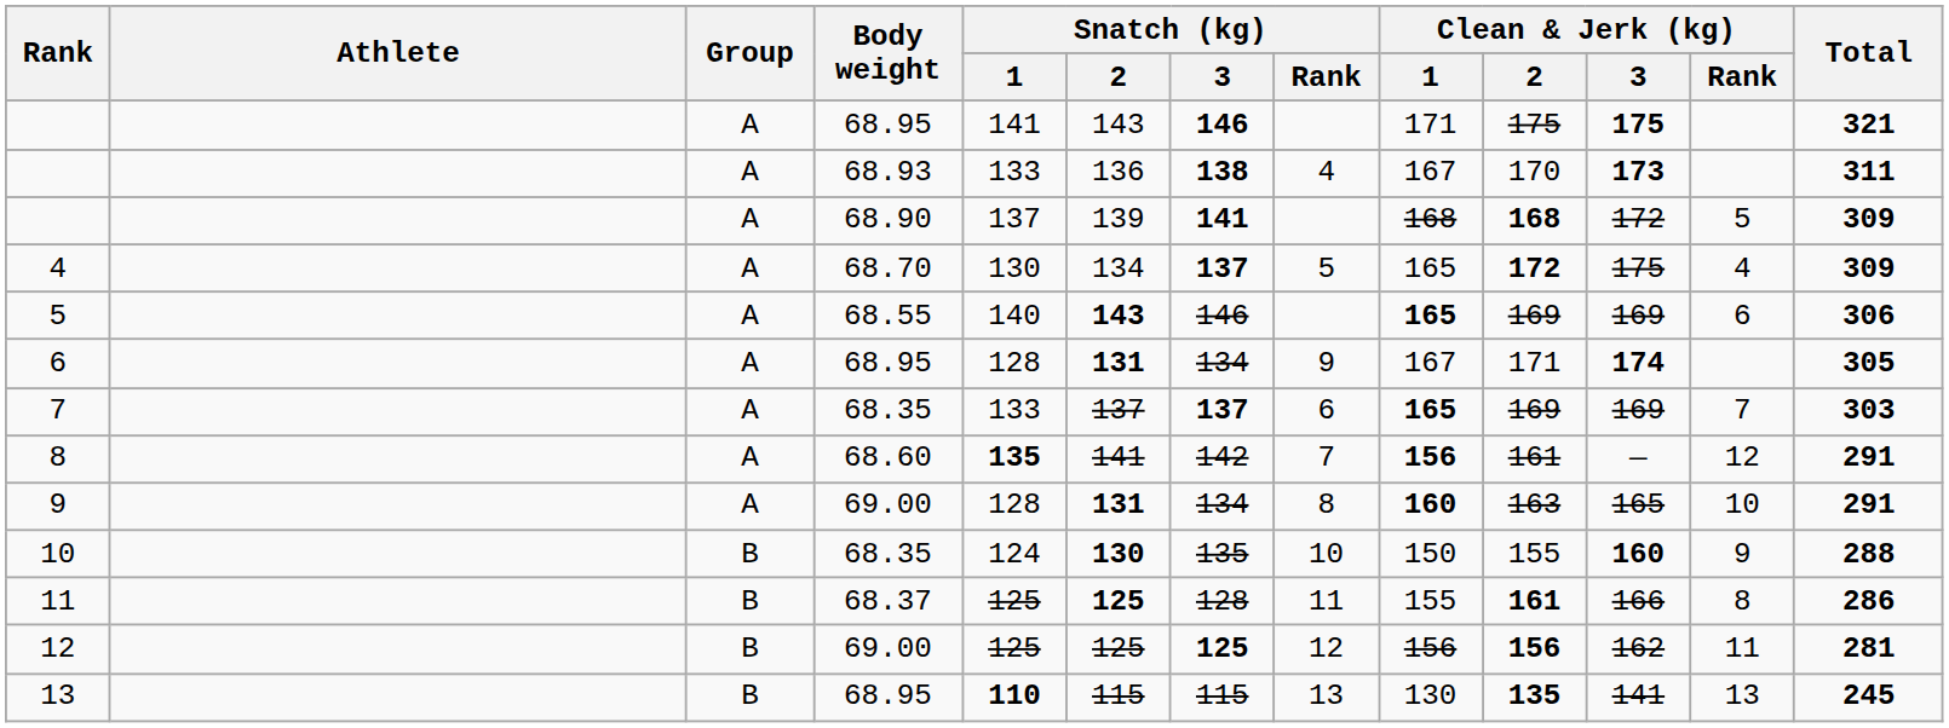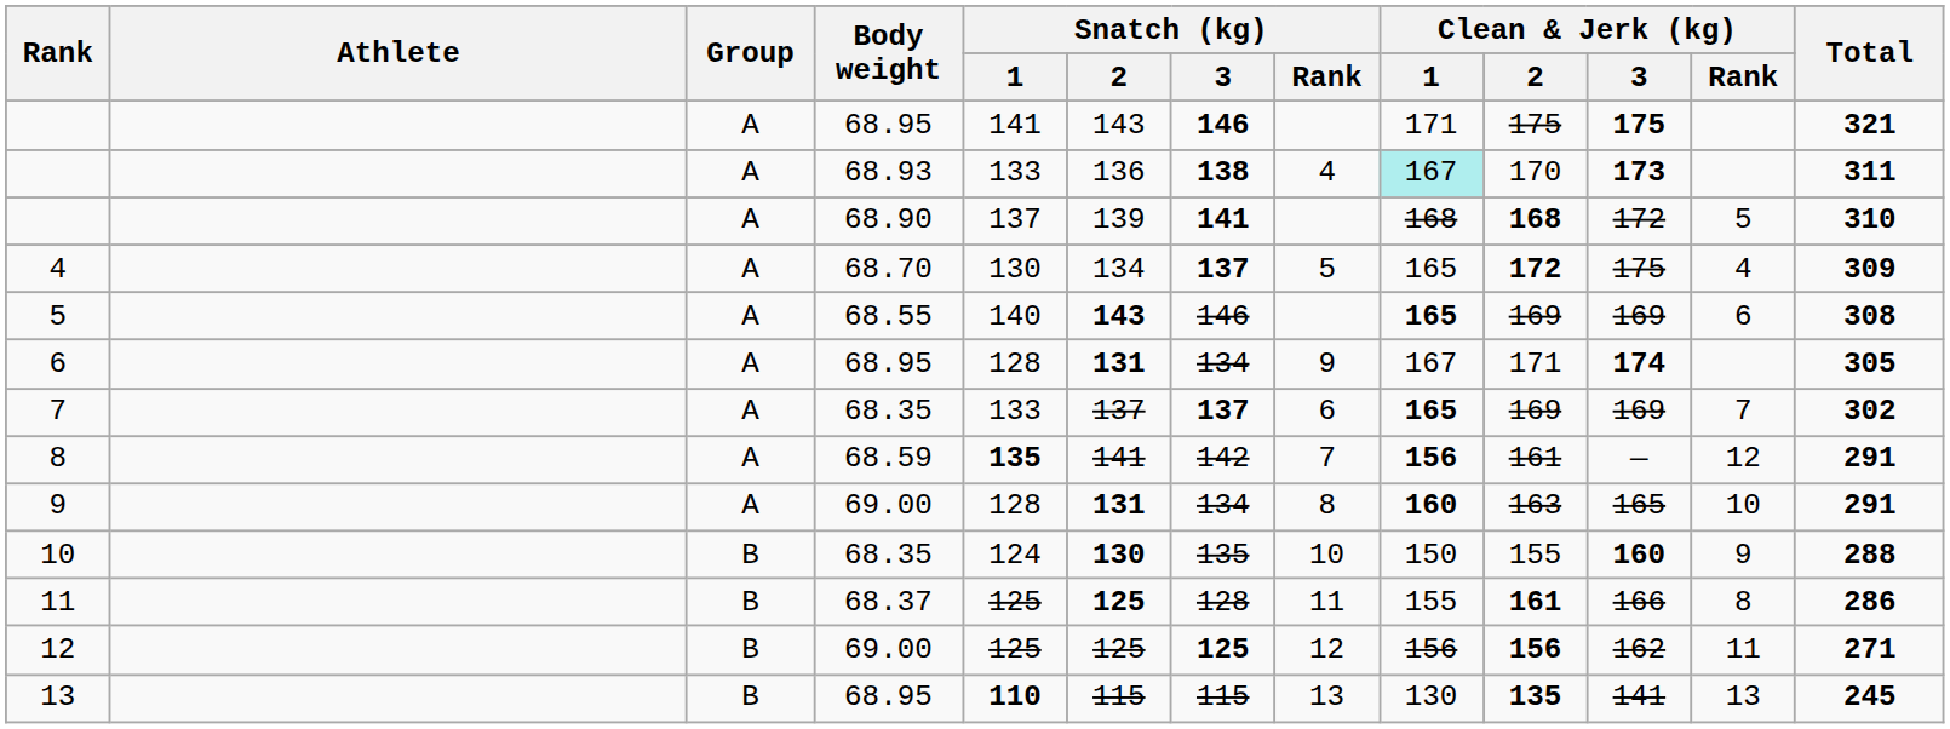 <table class = "wikitable" style="text-align:center;">
 <tr>
 <th rowspan=2 width=40>Rank</th>
 <th rowspan=2 width=250>Athlete</th>
 <th rowspan=2 width=50>Group</th>
 <th rowspan=2 width=60>Body weight</th>
 <th colspan=4>Snatch (kg)</th>
 <th colspan=4>Clean & Jerk (kg)</th>
 <th rowspan=2 width=60>Total</th>
 </tr>
 <tr>
 <th width=40>1</th>
 <th width=40>2</th>
 <th width=40>3</th>
 <th width=40>Rank</th>
 <th width=40>1</th>
 <th width=40>2</th>
 <th width=40>3</th>
 <th width=40>Rank</th>
 </tr>
 <tr>
 <td></td>
 <td align=left></td>
 <td>A</td>
 <td>68.95</td>
 <td>141</td>
 <td>143</td>
 <td><strong>146</strong></td>
 <td></td>
 <td>171</td>
 <td><s>175</s></td>
 <td><strong>175</strong></td>
 <td></td>
 <td><strong>321</strong></td>
 </tr>
 <tr>
 <td></td>
 <td align=left></td>
 <td>A</td>
 <td>68.93</td>
 <td>133</td>
 <td>136</td>
 <td><strong>138</strong></td>
 <td>4</td>
-<td>167</td>
+<td style="background: paleturquoise;">167</td>
 <td>170</td>
 <td><strong>173</strong></td>
 <td></td>
 <td><strong>311</strong></td>
 </tr>
 <tr>
 <td></td>
 <td align=left></td>
 <td>A</td>
 <td>68.90</td>
 <td>137</td>
 <td>139</td>
 <td><strong>141</strong></td>
 <td></td>
 <td><s>168</s></td>
 <td><strong>168</strong></td>
 <td><s>172</s></td>
 <td>5</td>
-<td><strong>309</strong></td>
+<td><strong>310</strong></td>
 </tr>
 <tr>
 <td>4</td>
 <td align=left></td>
 <td>A</td>
 <td>68.70</td>
 <td>130</td>
 <td>134</td>
 <td><strong>137</strong></td>
 <td>5</td>
 <td>165</td>
 <td><strong>172</strong></td>
 <td><s>175</s></td>
 <td>4</td>
 <td><strong>309</strong></td>
 </tr>
 <tr>
 <td>5</td>
 <td align=left></td>
 <td>A</td>
 <td>68.55</td>
 <td>140</td>
 <td><strong>143</strong></td>
 <td><s>146</s></td>
 <td></td>
 <td><strong>165</strong></td>
 <td><s>169</s></td>
 <td><s>169</s></td>
 <td>6</td>
-<td><strong>306</strong></td>
+<td><strong>308</strong></td>
 </tr>
 <tr>
 <td>6</td>
 <td align=left></td>
 <td>A</td>
 <td>68.95</td>
 <td>128</td>
 <td><strong>131</strong></td>
 <td><s>134</s></td>
 <td>9</td>
 <td>167</td>
 <td>171</td>
 <td><strong>174</strong></td>
 <td></td>
 <td><strong>305</strong></td>
 </tr>
 <tr>
 <td>7</td>
 <td align=left></td>
 <td>A</td>
 <td>68.35</td>
 <td>133</td>
 <td><s>137</s></td>
 <td><strong>137</strong></td>
 <td>6</td>
 <td><strong>165</strong></td>
 <td><s>169</s></td>
 <td><s>169</s></td>
 <td>7</td>
-<td><strong>303</strong></td>
+<td><strong>302</strong></td>
 </tr>
 <tr>
 <td>8</td>
 <td align=left></td>
 <td>A</td>
-<td>68.60</td>
+<td>68.59</td>
 <td><strong>135</strong></td>
 <td><s>141</s></td>
 <td><s>142</s></td>
 <td>7</td>
 <td><strong>156</strong></td>
 <td><s>161</s></td>
 <td>—</td>
 <td>12</td>
 <td><strong>291</strong></td>
 </tr>
 <tr>
 <td>9</td>
 <td align=left></td>
 <td>A</td>
 <td>69.00</td>
 <td>128</td>
 <td><strong>131</strong></td>
 <td><s>134</s></td>
 <td>8</td>
 <td><strong>160</strong></td>
 <td><s>163</s></td>
 <td><s>165</s></td>
 <td>10</td>
 <td><strong>291</strong></td>
 </tr>
 <tr>
 <td>10</td>
 <td align=left></td>
 <td>B</td>
 <td>68.35</td>
 <td>124</td>
 <td><strong>130</strong></td>
 <td><s>135</s></td>
 <td>10</td>
 <td>150</td>
 <td>155</td>
 <td><strong>160</strong></td>
 <td>9</td>
 <td><strong>288</strong></td>
 </tr>
 <tr>
 <td>11</td>
 <td align=left></td>
 <td>B</td>
 <td>68.37</td>
 <td><s>125</s></td>
 <td><strong>125</strong></td>
 <td><s>128</s></td>
 <td>11</td>
 <td>155</td>
 <td><strong>161</strong></td>
 <td><s>166</s></td>
 <td>8</td>
 <td><strong>286</strong></td>
 </tr>
 <tr>
 <td>12</td>
 <td align=left></td>
 <td>B</td>
 <td>69.00</td>
 <td><s>125</s></td>
 <td><s>125</s></td>
 <td><strong>125</strong></td>
 <td>12</td>
 <td><s>156</s></td>
 <td><strong>156</strong></td>
 <td><s>162</s></td>
 <td>11</td>
-<td><strong>281</strong></td>
+<td><strong>271</strong></td>
 </tr>
 <tr>
 <td>13</td>
 <td align=left></td>
 <td>B</td>
 <td>68.95</td>
 <td><strong>110</strong></td>
 <td><s>115</s></td>
 <td><s>115</s></td>
 <td>13</td>
 <td>130</td>
 <td><strong>135</strong></td>
 <td><s>141</s></td>
 <td>13</td>
 <td><strong>245</strong></td>
 </tr>
 </table>
